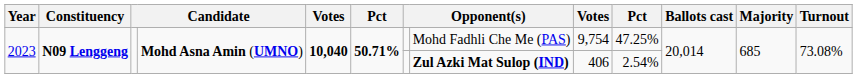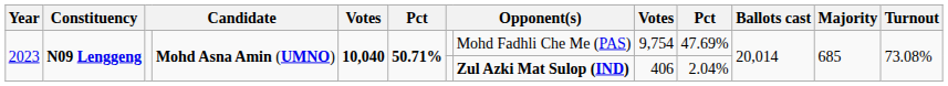 <table class="wikitable" style="margin:0.5em ; font-size:95%">
 <tr>
 <th>Year</th>
 <th>Constituency</th>
 <th colspan=2>Candidate</th>
 <th>Votes</th>
 <th>Pct</th>
 <th colspan=2>Opponent(s)</th>
 <th>Votes</th>
 <th>Pct</th>
 <th>Ballots cast</th>
 <th>Majority</th>
 <th>Turnout</th>
 </tr>
 <tr>
 <td rowspan=2><a href='#'>2023</a></td>
 <td rowspan=2><strong>N09 <a href='#'>Lenggeng</a></strong></td>
 <td rowspan=2 ></td>
 <td rowspan=2><strong>Mohd Asna Amin</strong> (<a href='#'><strong>UMNO</strong></a>)</td>
 <td rowspan=2 align=right><strong>10,040</strong></td>
 <td rowspan=2><strong>50.71%</strong></td>
 <td bgcolor=></td>
 <td>Mohd Fadhli Che Me (<a href='#'>PAS</a>)</td>
 <td align=right>9,754</td>
-<td>47.25%</td>
+<td>47.69%</td>
 <td rowspan=2>20,014</td>
 <td rowspan=2>685</td>
 <td rowspan=2>73.08%</td>
 </tr>
 <tr>
 <td></td>
 <td><strong>Zul Azki Mat Sulop (<a href='#'>IND</a>)</strong></td>
 <td align=right>406</td>
-<td align=right>2.54%</td>
+<td align=right>2.04%</td>
 </tr>
 </table>
